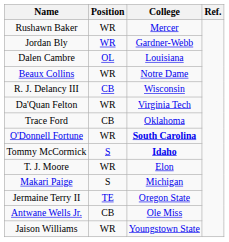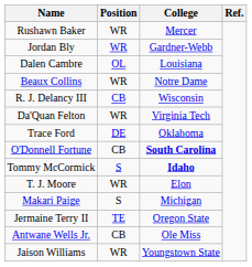 <table class="wikitable" style="text-align:center">
 <tr>
 <th>Name</th>
 <th>Position</th>
 <th>College</th>
 <th>Ref.</th>
 </tr>
 <tr>
 <td>Rushawn Baker</td>
 <td>WR</td>
 <td><a href='#'>Mercer</a></td>
 <td rowspan="20"></td>
 </tr>
 <tr>
 <td>Jordan Bly</td>
 <td><a href='#'>WR</a></td>
 <td><a href='#'>Gardner-Webb</a></td>
 </tr>
 <tr>
 <td>Dalen Cambre</td>
 <td><a href='#'>OL</a></td>
 <td><a href='#'>Louisiana</a></td>
 </tr>
 <tr>
 <td><a href='#'>Beaux Collins</a></td>
 <td>WR</td>
 <td><a href='#'>Notre Dame</a></td>
 </tr>
 <tr>
 <td>R. J. Delancy III</td>
 <td><a href='#'>CB</a></td>
 <td><a href='#'>Wisconsin</a></td>
 </tr>
 <tr>
 <td>Da'Quan Felton</td>
 <td>WR</td>
 <td><a href='#'>Virginia Tech</a></td>
 </tr>
 <tr>
 <td>Trace Ford</td>
-<td>CB</td>
+<td><a href='#'>DE</a></td>
 <td><a href='#'>Oklahoma</a></td>
 </tr>
 <tr>
 <td><a href='#'>O'Donnell Fortune</a></td>
-<td>WR</td>
+<td>CB</td>
 <td><strong><a href='#'>South Carolina</a></strong></td>
 </tr>
 <tr>
 <td>Tommy McCormick</td>
 <td><a href='#'>S</a></td>
 <td><strong><a href='#'>Idaho</a></strong></td>
 </tr>
 <tr>
 <td>T. J. Moore</td>
 <td>WR</td>
 <td><a href='#'>Elon</a></td>
 </tr>
 <tr>
 <td><a href='#'>Makari Paige</a></td>
 <td>S</td>
 <td><a href='#'>Michigan</a></td>
 </tr>
 <tr>
 <td>Jermaine Terry II</td>
 <td><a href='#'>TE</a></td>
 <td><a href='#'>Oregon State</a></td>
 </tr>
 <tr>
 <td><a href='#'>Antwane Wells Jr.</a></td>
 <td>CB</td>
 <td><a href='#'>Ole Miss</a></td>
 </tr>
 <tr>
 <td>Jaison Williams</td>
 <td>WR</td>
 <td><a href='#'>Youngstown State</a></td>
 </tr>
 </table>
